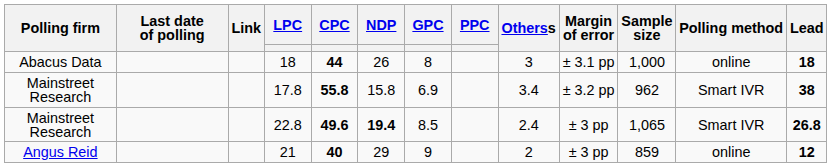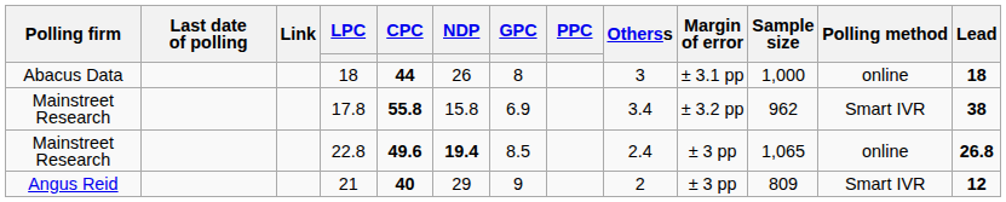 <table class="wikitable sortable mw-datatable" style="text-align:center;font-size:90%;line-height:14px;">
 <tr style="height:40px;">
 <th style="width:105px;" rowspan="2">Polling firm</th>
 <th style="width:105px;" rowspan="2">Last date<br>of polling</th>
 <th rowspan="2">Link</th>
 <th style="width:40px;"><a href='#'>LPC</a></th>
 <th style="width:40px;"><a href='#'>CPC</a></th>
 <th style="width:40px;"><a href='#'>NDP</a></th>
 <th style="width:40px;"><a href='#'>GPC</a></th>
 <th style="width:40px;"><a href='#'>PPC</a></th>
 <th rowspan="2" style="width:40px"><a href='#'>Others</a>s</th>
 <th rowspan="2">Margin<br>of error</th>
 <th rowspan="2">Sample<br>size</th>
 <th rowspan="2">Polling method</th>
 <th rowspan="2">Lead</th>
 </tr>
 <tr class="sorttop">
 <th style="background:"></th>
 <th style="background:"></th>
 <th style="background:"></th>
 <th style="background:"></th>
 <th style="background:"></th>
 </tr>
 <tr>
 <td>Abacus Data</td>
 <td></td>
 <td></td>
 <td>18</td>
 <td><strong>44</strong></td>
 <td>26</td>
 <td>8</td>
 <td></td>
 <td>3</td>
 <td>± 3.1 pp</td>
 <td>1,000</td>
 <td>online</td>
 <td><strong>18</strong></td>
 </tr>
 <tr>
 <td>Mainstreet Research</td>
 <td></td>
 <td></td>
 <td>17.8</td>
 <td><strong>55.8</strong></td>
 <td>15.8</td>
 <td>6.9</td>
 <td></td>
 <td>3.4</td>
 <td>± 3.2 pp</td>
 <td>962</td>
 <td>Smart IVR</td>
 <td><strong>38</strong></td>
 </tr>
 <tr>
 <td>Mainstreet Research</td>
 <td></td>
 <td></td>
 <td>22.8</td>
 <td><strong>49.6</strong></td>
 <td><strong>19.4</strong></td>
 <td>8.5</td>
 <td></td>
 <td>2.4</td>
 <td>± 3 pp</td>
 <td>1,065</td>
-<td>Smart IVR</td>
+<td>online</td>
 <td><strong>26.8</strong></td>
 </tr>
 <tr>
 <td><a href='#'>Angus Reid</a></td>
 <td></td>
 <td></td>
 <td>21</td>
 <td><strong>40</strong></td>
 <td>29</td>
 <td>9</td>
 <td></td>
 <td>2</td>
 <td>± 3 pp</td>
-<td>859</td>
-<td>online</td>
+<td>809</td>
+<td>Smart IVR</td>
 <td><strong>12</strong></td>
 </tr>
 </table>
